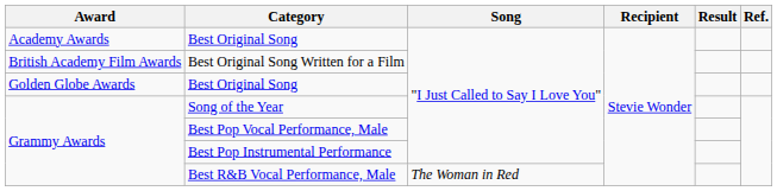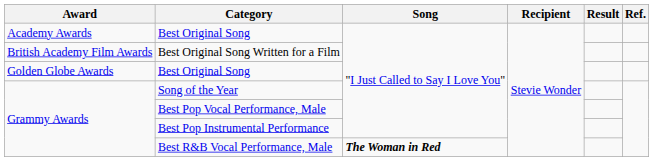 <table class="wikitable plainrowheaders">
 <tr>
 <th>Award</th>
 <th>Category</th>
 <th>Song</th>
 <th>Recipient</th>
 <th>Result</th>
 <th>Ref.</th>
 </tr>
 <tr>
 <td><a href='#'>Academy Awards</a></td>
 <td><a href='#'>Best Original Song</a></td>
 <td rowspan="6">"<a href='#'>I Just Called to Say I Love You</a>"</td>
 <td rowspan="7"><a href='#'>Stevie Wonder</a></td>
 <td></td>
 <td align="center"></td>
 </tr>
 <tr>
 <td><a href='#'>British Academy Film Awards</a></td>
 <td>Best Original Song Written for a Film</td>
 <td></td>
 <td align="center"></td>
 </tr>
 <tr>
 <td><a href='#'>Golden Globe Awards</a></td>
 <td><a href='#'>Best Original Song</a></td>
 <td></td>
 <td align="center"></td>
 </tr>
 <tr>
 <td rowspan="4"><a href='#'>Grammy Awards</a></td>
 <td><a href='#'>Song of the Year</a></td>
 <td></td>
 <td align="center" rowspan="4"></td>
 </tr>
 <tr>
 <td><a href='#'>Best Pop Vocal Performance, Male</a></td>
 <td></td>
 </tr>
 <tr>
 <td><a href='#'>Best Pop Instrumental Performance</a></td>
 <td></td>
 </tr>
 <tr>
 <td><a href='#'>Best R&B Vocal Performance, Male</a></td>
-<td><em>The Woman in Red</em></td>
+<td><strong><em>The Woman in Red</em></strong></td>
 <td></td>
 </tr>
 </table>
